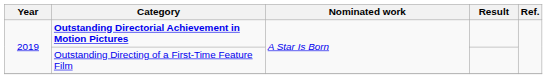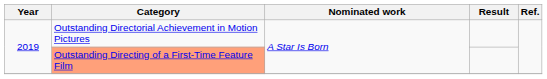 <table class=wikitable>
 <tr>
 <th scope="col" style="width:5em;">Year</th>
 <th scope="col" style="width:26em;">Category</th>
 <th scope="col" style="width:25em;">Nominated work</th>
 <th scope="col" style="width:5em;">Result</th>
 <th>Ref.</th>
 </tr>
 <tr>
 <td style="text-align:center;", rowspan="2"><a href='#'>2019</a></td>
-<td><strong><a href='#'>Outstanding Directorial Achievement in Motion Pictures</a></strong></td>
+<td><a href='#'>Outstanding Directorial Achievement in Motion Pictures</a></td>
 <td rowspan="2"><em><a href='#'>A Star Is Born</a></em></td>
 <td></td>
 <td rowspan="2" style="text-align:center;"></td>
 </tr>
 <tr>
-<td><a href='#'>Outstanding Directing of a First-Time Feature Film</a></td>
+<td style="background: lightsalmon;"><a href='#'>Outstanding Directing of a First-Time Feature Film</a></td>
 <td></td>
 </tr>
 <tr>
 </tr>
 </table>
